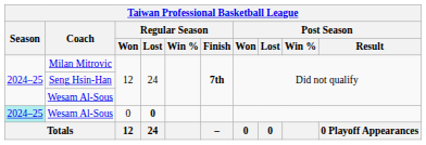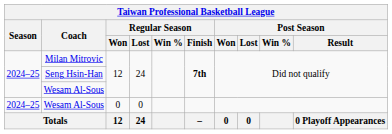 <table class="wikitable" style="font-size: 95%; text-align:center;">
 <tr>
 <th colspan="10"><a href='#'>Taiwan Professional Basketball League</a></th>
 </tr>
 <tr>
 <th rowspan="2">Season</th>
 <th rowspan="2">Coach</th>
 <th colspan="4">Regular Season</th>
 <th colspan="4">Post Season</th>
 </tr>
 <tr>
 <th>Won</th>
 <th>Lost</th>
 <th>Win %</th>
 <th>Finish</th>
 <th>Won</th>
 <th>Lost</th>
 <th>Win %</th>
 <th>Result</th>
 </tr>
 <tr>
 <td rowspan="3"><a href='#'>2024–25</a></td>
 <td><a href='#'>Milan Mitrovic</a></td>
 <td rowspan="3">12</td>
 <td rowspan="3">24</td>
 <td rowspan="3"></td>
 <td rowspan="3"><strong>7th</strong></td>
 <td rowspan="3" colspan="4">Did not qualify</td>
 </tr>
 <tr>
 <td><a href='#'>Seng Hsin-Han</a></td>
 </tr>
 <tr>
 <td><a href='#'>Wesam Al-Sous</a></td>
 </tr>
 <tr>
-<td style="background: paleturquoise;"><a href='#'>2024–25</a></td>
+<td><a href='#'>2024–25</a></td>
 <td><a href='#'>Wesam Al-Sous</a></td>
 <td>0</td>
-<td><strong>0</strong></td>
+<td>0</td>
 <td></td>
 <td></td>
 <td colspan="4"></td>
 </tr>
 <tr>
 <th colspan="2">Totals</th>
 <th>12</th>
 <th>24</th>
 <th></th>
 <th>–</th>
 <th>0</th>
 <th>0</th>
 <th></th>
 <th>0 Playoff Appearances</th>
 </tr>
 </table>
